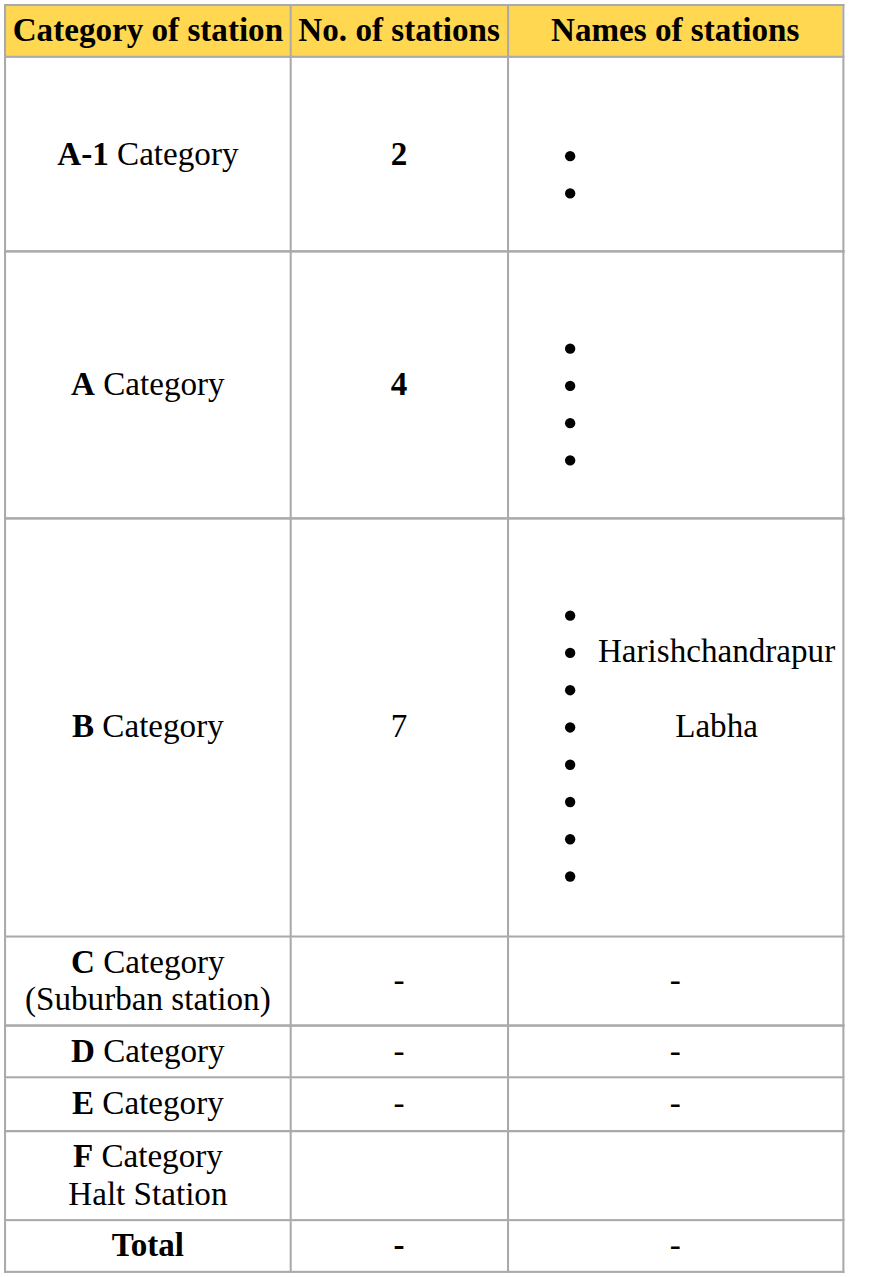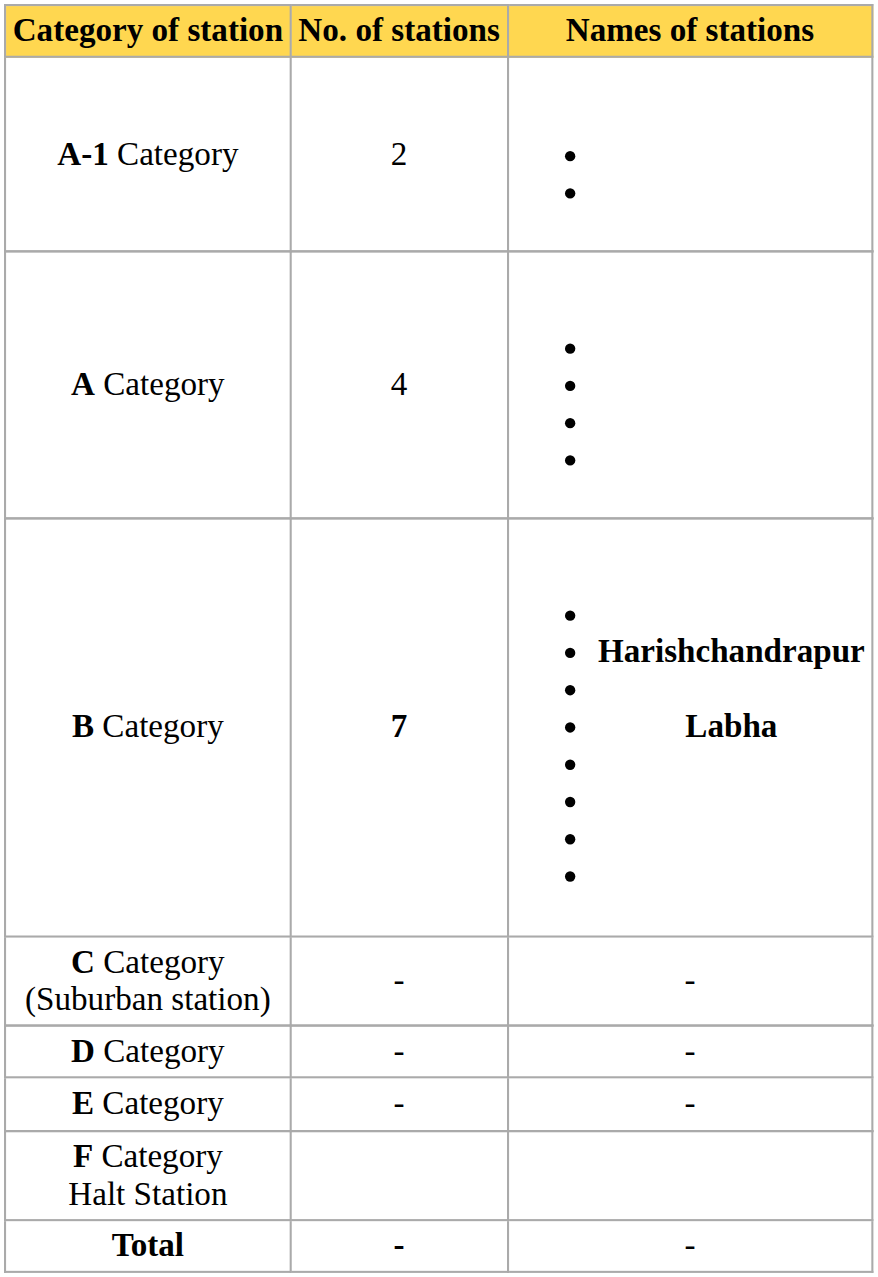 <table class="wikitable sortable" style="background:#fff;">
 <tr>
 <th style="background:#ffd750;" !>Category of station</th>
 <th style="background:#ffd750;" !>No. of stations</th>
 <th style="background:#ffd750;" !>Names of stations</th>
 </tr>
 <tr>
 <td style="text-align:center;"><strong>A-1</strong> Category</td>
-<td style="text-align:center;"><strong>2</strong></td>
+<td style="text-align:center;">2</td>
 <td style="text-align:center;"><br><ul><li></li><li></li></ul></td>
 </tr>
 <tr>
 </tr>
 <tr>
 <td style="text-align:center;"><strong>A</strong> Category</td>
-<td style="text-align:center;"><strong>4</strong></td>
+<td style="text-align:center;">4</td>
 <td style="text-align:center;"><br><ul><li></li><li></li><li></li><li></li></ul></td>
 </tr>
 <tr>
 </tr>
 <tr>
 <td style="text-align:center;"><strong>B</strong> Category</td>
-<td style="text-align:center;">7</td>
-<td style="text-align:center;"><br><ul><li></li><li>Harishchandrapur</li><li></li><li>Labha</li><li></li><li></li><li></li><li></li></ul></td>
+<td style="text-align:center;"><strong>7</strong></td>
+<td style="text-align:center;"><strong><br><ul><li></li><li>Harishchandrapur</li><li></li><li>Labha</li><li></li><li></li><li></li><li></li></ul></strong></td>
 </tr>
 <tr>
 <td style="text-align:center;"><strong>C</strong> Category<br>(Suburban station)</td>
 <td style="text-align:center;">-</td>
 <td style="text-align:center;">-</td>
 </tr>
 <tr>
 </tr>
 <tr>
 <td style="text-align:center;"><strong>D</strong> Category</td>
 <td style="text-align:center;">-</td>
 <td style="text-align:center;">-</td>
 </tr>
 <tr>
 <td style="text-align:center;"><strong>E</strong> Category</td>
 <td style="text-align:center;">-</td>
 <td style="text-align:center;">-</td>
 </tr>
 <tr>
 </tr>
 <tr>
 <td style="text-align:center;"><strong>F</strong> Category<br>Halt Station</td>
 <td style="text-align:center;"></td>
 <td style="text-align:center;"></td>
 </tr>
 <tr>
 <td style="text-align:center;"><strong>Total</strong></td>
 <td style="text-align:center;"><strong>-</strong></td>
 <td style="text-align:center;">-</td>
 </tr>
 </table>
